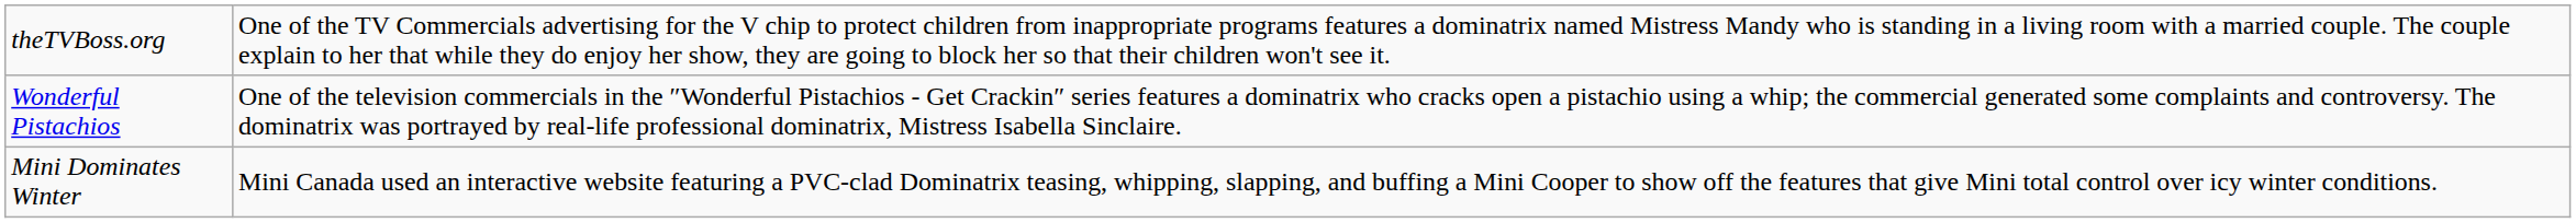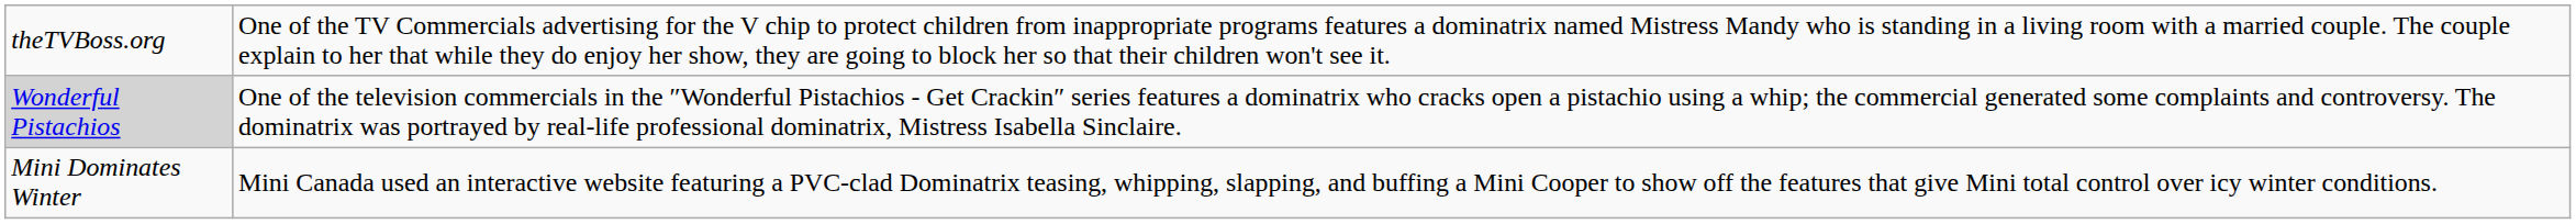 <table class="wikitable">
 <tr>
 <td><em>theTVBoss.org</em></td>
 <td>One of the TV Commercials advertising for the V chip to protect children from inappropriate programs features a dominatrix named Mistress Mandy who is standing in a living room with a married couple. The couple explain to her that while they do enjoy her show, they are going to block her so that their children won't see it.</td>
 </tr>
 <tr>
-<td><em><a href='#'>Wonderful Pistachios</a></em></td>
+<td style="background: lightgrey;"><em><a href='#'>Wonderful Pistachios</a></em></td>
 <td>One of the television commercials in the ″Wonderful Pistachios - Get Crackin″ series features a dominatrix who cracks open a pistachio using a whip; the commercial generated some complaints and controversy. The dominatrix was portrayed by real-life professional dominatrix, Mistress Isabella Sinclaire.</td>
 </tr>
 <tr>
 <td><em>Mini Dominates Winter</em></td>
 <td>Mini Canada used an interactive website featuring a PVC-clad Dominatrix teasing, whipping, slapping, and buffing a Mini Cooper to show off the features that give Mini total control over icy winter conditions. </td>
 </tr>
 </table>
